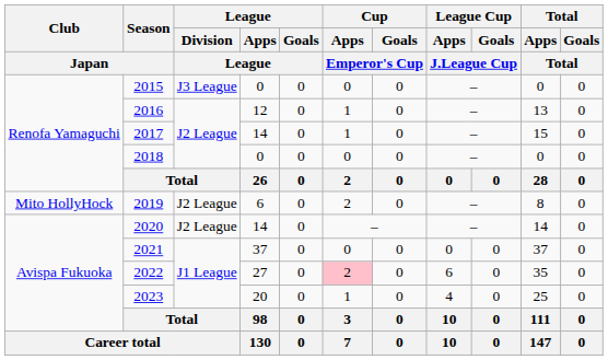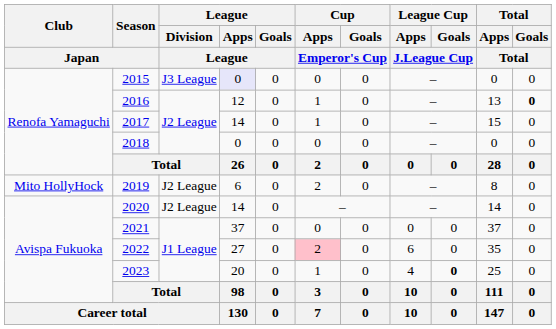 <table class="wikitable" style="text-align:center">
 <tr>
 <th rowspan=2>Club</th>
 <th rowspan=2>Season</th>
 <th colspan=3>League</th>
 <th colspan=2>Cup</th>
 <th colspan=2>League Cup</th>
 <th colspan=2>Total</th>
 </tr>
 <tr>
 <th>Division</th>
 <th>Apps</th>
 <th>Goals</th>
 <th>Apps</th>
 <th>Goals</th>
 <th>Apps</th>
 <th>Goals</th>
 <th>Apps</th>
 <th>Goals</th>
 </tr>
 <tr>
 <th colspan=2>Japan</th>
 <th colspan=3>League</th>
 <th colspan=2><a href='#'>Emperor's Cup</a></th>
 <th colspan="2"><a href='#'>J.League Cup</a></th>
 <th colspan=2>Total</th>
 </tr>
 <tr>
 <td rowspan="5"><a href='#'>Renofa Yamaguchi</a></td>
 <td><a href='#'>2015</a></td>
 <td rowspan="1"><a href='#'>J3 League</a></td>
-<td>0</td>
+<td style="background: lavender;">0</td>
 <td>0</td>
 <td>0</td>
 <td>0</td>
 <td colspan="2">–</td>
 <td>0</td>
 <td>0</td>
 </tr>
 <tr>
 <td><a href='#'>2016</a></td>
 <td rowspan="3"><a href='#'>J2 League</a></td>
 <td>12</td>
 <td>0</td>
 <td>1</td>
 <td>0</td>
 <td colspan="2">–</td>
 <td>13</td>
-<td>0</td>
+<td><strong>0</strong></td>
 </tr>
 <tr>
 <td><a href='#'>2017</a></td>
 <td>14</td>
 <td>0</td>
 <td>1</td>
 <td>0</td>
 <td colspan="2">–</td>
 <td>15</td>
 <td>0</td>
 </tr>
 <tr>
 <td><a href='#'>2018</a></td>
 <td>0</td>
 <td>0</td>
 <td>0</td>
 <td>0</td>
 <td colspan="2">–</td>
 <td>0</td>
 <td>0</td>
 </tr>
 <tr>
 <th colspan="2">Total</th>
 <th>26</th>
 <th>0</th>
 <th>2</th>
 <th>0</th>
 <th>0</th>
 <th>0</th>
 <th>28</th>
 <th>0</th>
 </tr>
 <tr>
 <td><a href='#'>Mito HollyHock</a></td>
 <td><a href='#'>2019</a></td>
 <td>J2 League</td>
 <td>6</td>
 <td>0</td>
 <td>2</td>
 <td>0</td>
 <td colspan="2">–</td>
 <td>8</td>
 <td>0</td>
 </tr>
 <tr>
 <td rowspan="5"><a href='#'>Avispa Fukuoka</a></td>
 <td><a href='#'>2020</a></td>
 <td>J2 League</td>
 <td>14</td>
 <td>0</td>
 <td colspan="2">–</td>
 <td colspan="2">–</td>
 <td>14</td>
 <td>0</td>
 </tr>
 <tr>
 <td><a href='#'>2021</a></td>
 <td rowspan="3"><a href='#'>J1 League</a></td>
 <td>37</td>
 <td>0</td>
 <td>0</td>
 <td>0</td>
 <td>0</td>
 <td>0</td>
 <td>37</td>
 <td>0</td>
 </tr>
 <tr>
 <td><a href='#'>2022</a></td>
 <td>27</td>
 <td>0</td>
 <td style="background: pink;">2</td>
 <td>0</td>
 <td>6</td>
 <td>0</td>
 <td>35</td>
 <td>0</td>
 </tr>
 <tr>
 <td><a href='#'>2023</a></td>
 <td>20</td>
 <td>0</td>
 <td>1</td>
 <td>0</td>
 <td>4</td>
-<td>0</td>
+<td><strong>0</strong></td>
 <td>25</td>
 <td>0</td>
 </tr>
 <tr>
 <th colspan="2">Total</th>
 <th>98</th>
 <th>0</th>
 <th>3</th>
 <th>0</th>
 <th>10</th>
 <th>0</th>
 <th>111</th>
 <th>0</th>
 </tr>
 <tr>
 <th colspan="3">Career total</th>
 <th>130</th>
 <th>0</th>
 <th>7</th>
 <th>0</th>
 <th>10</th>
 <th>0</th>
 <th>147</th>
 <th>0</th>
 </tr>
 </table>
